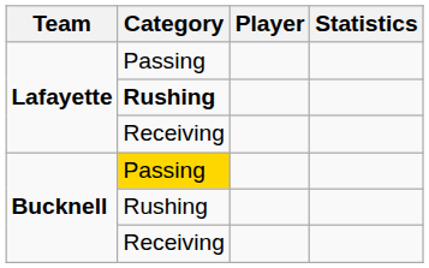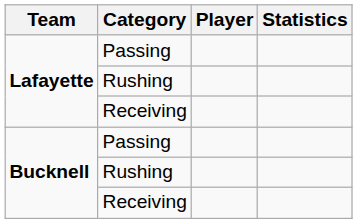 <table class="wikitable" style="float: right;">
 <tr>
 <th>Team</th>
 <th>Category</th>
 <th>Player</th>
 <th>Statistics</th>
 </tr>
 <tr>
 <td rowspan=3><strong>Lafayette</strong></td>
 <td>Passing</td>
 <td></td>
 <td></td>
 </tr>
 <tr>
-<td><strong>Rushing</strong></td>
+<td>Rushing</td>
 <td></td>
 <td></td>
 </tr>
 <tr>
 <td>Receiving</td>
 <td></td>
 <td></td>
 </tr>
 <tr>
 <td rowspan=3><strong>Bucknell</strong></td>
-<td style="background: gold;">Passing</td>
+<td>Passing</td>
 <td></td>
 <td></td>
 </tr>
 <tr>
 <td>Rushing</td>
 <td></td>
 <td></td>
 </tr>
 <tr>
 <td>Receiving</td>
 <td></td>
 <td></td>
 </tr>
 </table>
